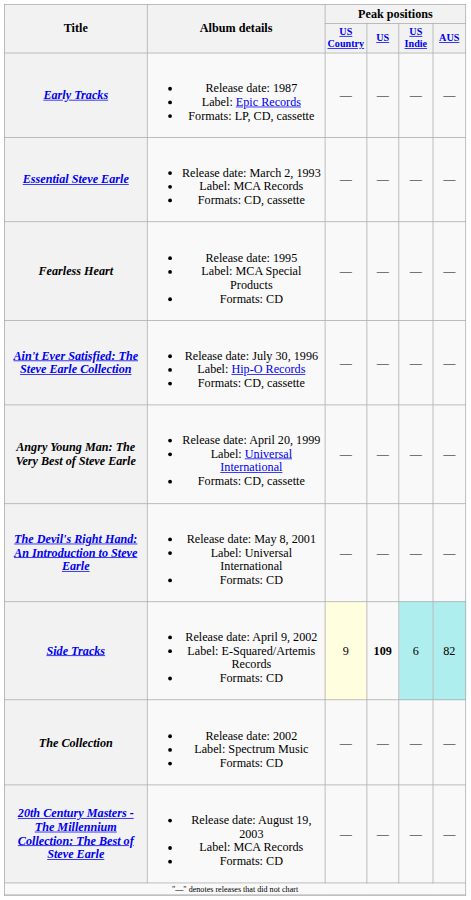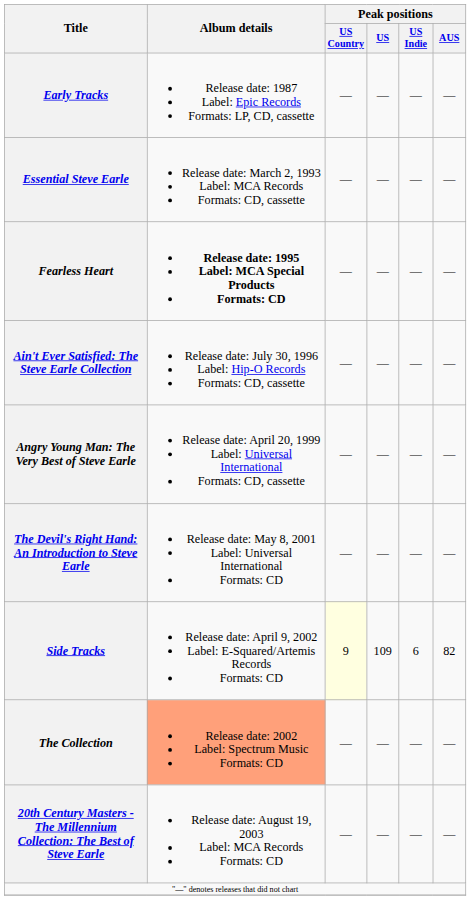 <table class="wikitable plainrowheaders" style="text-align:center;">
 <tr>
 <th rowspan="2" style="width:16em;">Title</th>
 <th rowspan="2" style="width:18em;">Album details</th>
 <th colspan="4">Peak positions</th>
 </tr>
 <tr style="font-size:smaller;">
 <th width="45"><a href='#'>US Country</a><br></th>
 <th width="45"><a href='#'>US</a><br></th>
 <th width="45"><a href='#'>US Indie</a><br></th>
 <th width="45"><a href='#'>AUS</a><br></th>
 </tr>
 <tr>
 <th scope="row"><em><a href='#'>Early Tracks</a></em></th>
 <td><br><ul><li>Release date: 1987</li><li>Label: <a href='#'>Epic Records</a></li><li>Formats: LP, CD, cassette</li></ul></td>
 <td>—</td>
 <td>—</td>
 <td>—</td>
 <td>—</td>
 </tr>
 <tr>
 <th scope="row"><em><a href='#'>Essential Steve Earle</a></em></th>
 <td><br><ul><li>Release date: March 2, 1993</li><li>Label: MCA Records</li><li>Formats: CD, cassette</li></ul></td>
 <td>—</td>
 <td>—</td>
 <td>—</td>
 <td>—</td>
 </tr>
 <tr>
 <th scope="row"><em>Fearless Heart</em></th>
-<td><br><ul><li>Release date: 1995</li><li>Label: MCA Special Products</li><li>Formats: CD</li></ul></td>
+<td><strong><br><ul><li>Release date: 1995</li><li>Label: MCA Special Products</li><li>Formats: CD</li></ul></strong></td>
 <td>—</td>
 <td>—</td>
 <td>—</td>
 <td>—</td>
 </tr>
 <tr>
 <th scope="row"><em><a href='#'>Ain't Ever Satisfied: The Steve Earle Collection</a></em></th>
 <td><br><ul><li>Release date: July 30, 1996</li><li>Label: <a href='#'>Hip-O Records</a></li><li>Formats: CD, cassette</li></ul></td>
 <td>—</td>
 <td>—</td>
 <td>—</td>
 <td>—</td>
 </tr>
 <tr>
 <th scope="row"><em>Angry Young Man: The Very Best of Steve Earle</em></th>
 <td><br><ul><li>Release date: April 20, 1999</li><li>Label: <a href='#'>Universal International</a></li><li>Formats: CD, cassette</li></ul></td>
 <td>—</td>
 <td>—</td>
 <td>—</td>
 <td>—</td>
 </tr>
 <tr>
 <th scope="row"><em><a href='#'>The Devil's Right Hand: An Introduction to Steve Earle</a></em></th>
 <td><br><ul><li>Release date: May 8, 2001</li><li>Label: Universal International</li><li>Formats: CD</li></ul></td>
 <td>—</td>
 <td>—</td>
 <td>—</td>
 <td>—</td>
 </tr>
 <tr>
 <th scope="row"><em><a href='#'>Side Tracks</a></em></th>
 <td><br><ul><li>Release date: April 9, 2002</li><li>Label: E-Squared/Artemis Records</li><li>Formats: CD</li></ul></td>
 <td style="background: lightyellow;">9</td>
-<td><strong>109</strong></td>
-<td style="background: paleturquoise;">6</td>
-<td style="background: paleturquoise;">82</td>
+<td>109</td>
+<td>6</td>
+<td>82</td>
 </tr>
 <tr>
 <th scope="row"><em>The Collection</em></th>
-<td><br><ul><li>Release date: 2002</li><li>Label: Spectrum Music</li><li>Formats: CD</li></ul></td>
+<td style="background: lightsalmon;"><br><ul><li>Release date: 2002</li><li>Label: Spectrum Music</li><li>Formats: CD</li></ul></td>
 <td>—</td>
 <td>—</td>
 <td>—</td>
 <td>—</td>
 </tr>
 <tr>
 <th scope="row"><em><a href='#'>20th Century Masters - The Millennium Collection: The Best of Steve Earle</a></em></th>
 <td><br><ul><li>Release date: August 19, 2003</li><li>Label: MCA Records</li><li>Formats: CD</li></ul></td>
 <td>—</td>
 <td>—</td>
 <td>—</td>
 <td>—</td>
 </tr>
 <tr>
 <td colspan="10" style="font-size:8pt">"—" denotes releases that did not chart</td>
 </tr>
 <tr>
 </tr>
 </table>
